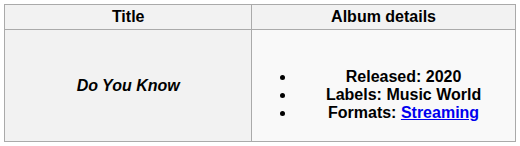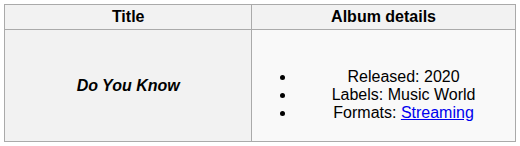 <table class="wikitable plainrowheaders" style="text-align:center;" border="1">
 <tr>
 <th scope="col" style="width:15em;">Title</th>
 <th scope="col" style="width:16em;">Album details</th>
 </tr>
 <tr>
 <th scope="row"><em>Do You Know</em></th>
-<td><strong><br><ul><li>Released: 2020</li><li>Labels: Music World</li><li>Formats: <a href='#'>Streaming</a></li></ul></strong></td>
+<td><br><ul><li>Released: 2020</li><li>Labels: Music World</li><li>Formats: <a href='#'>Streaming</a></li></ul></td>
 </tr>
 </table>
